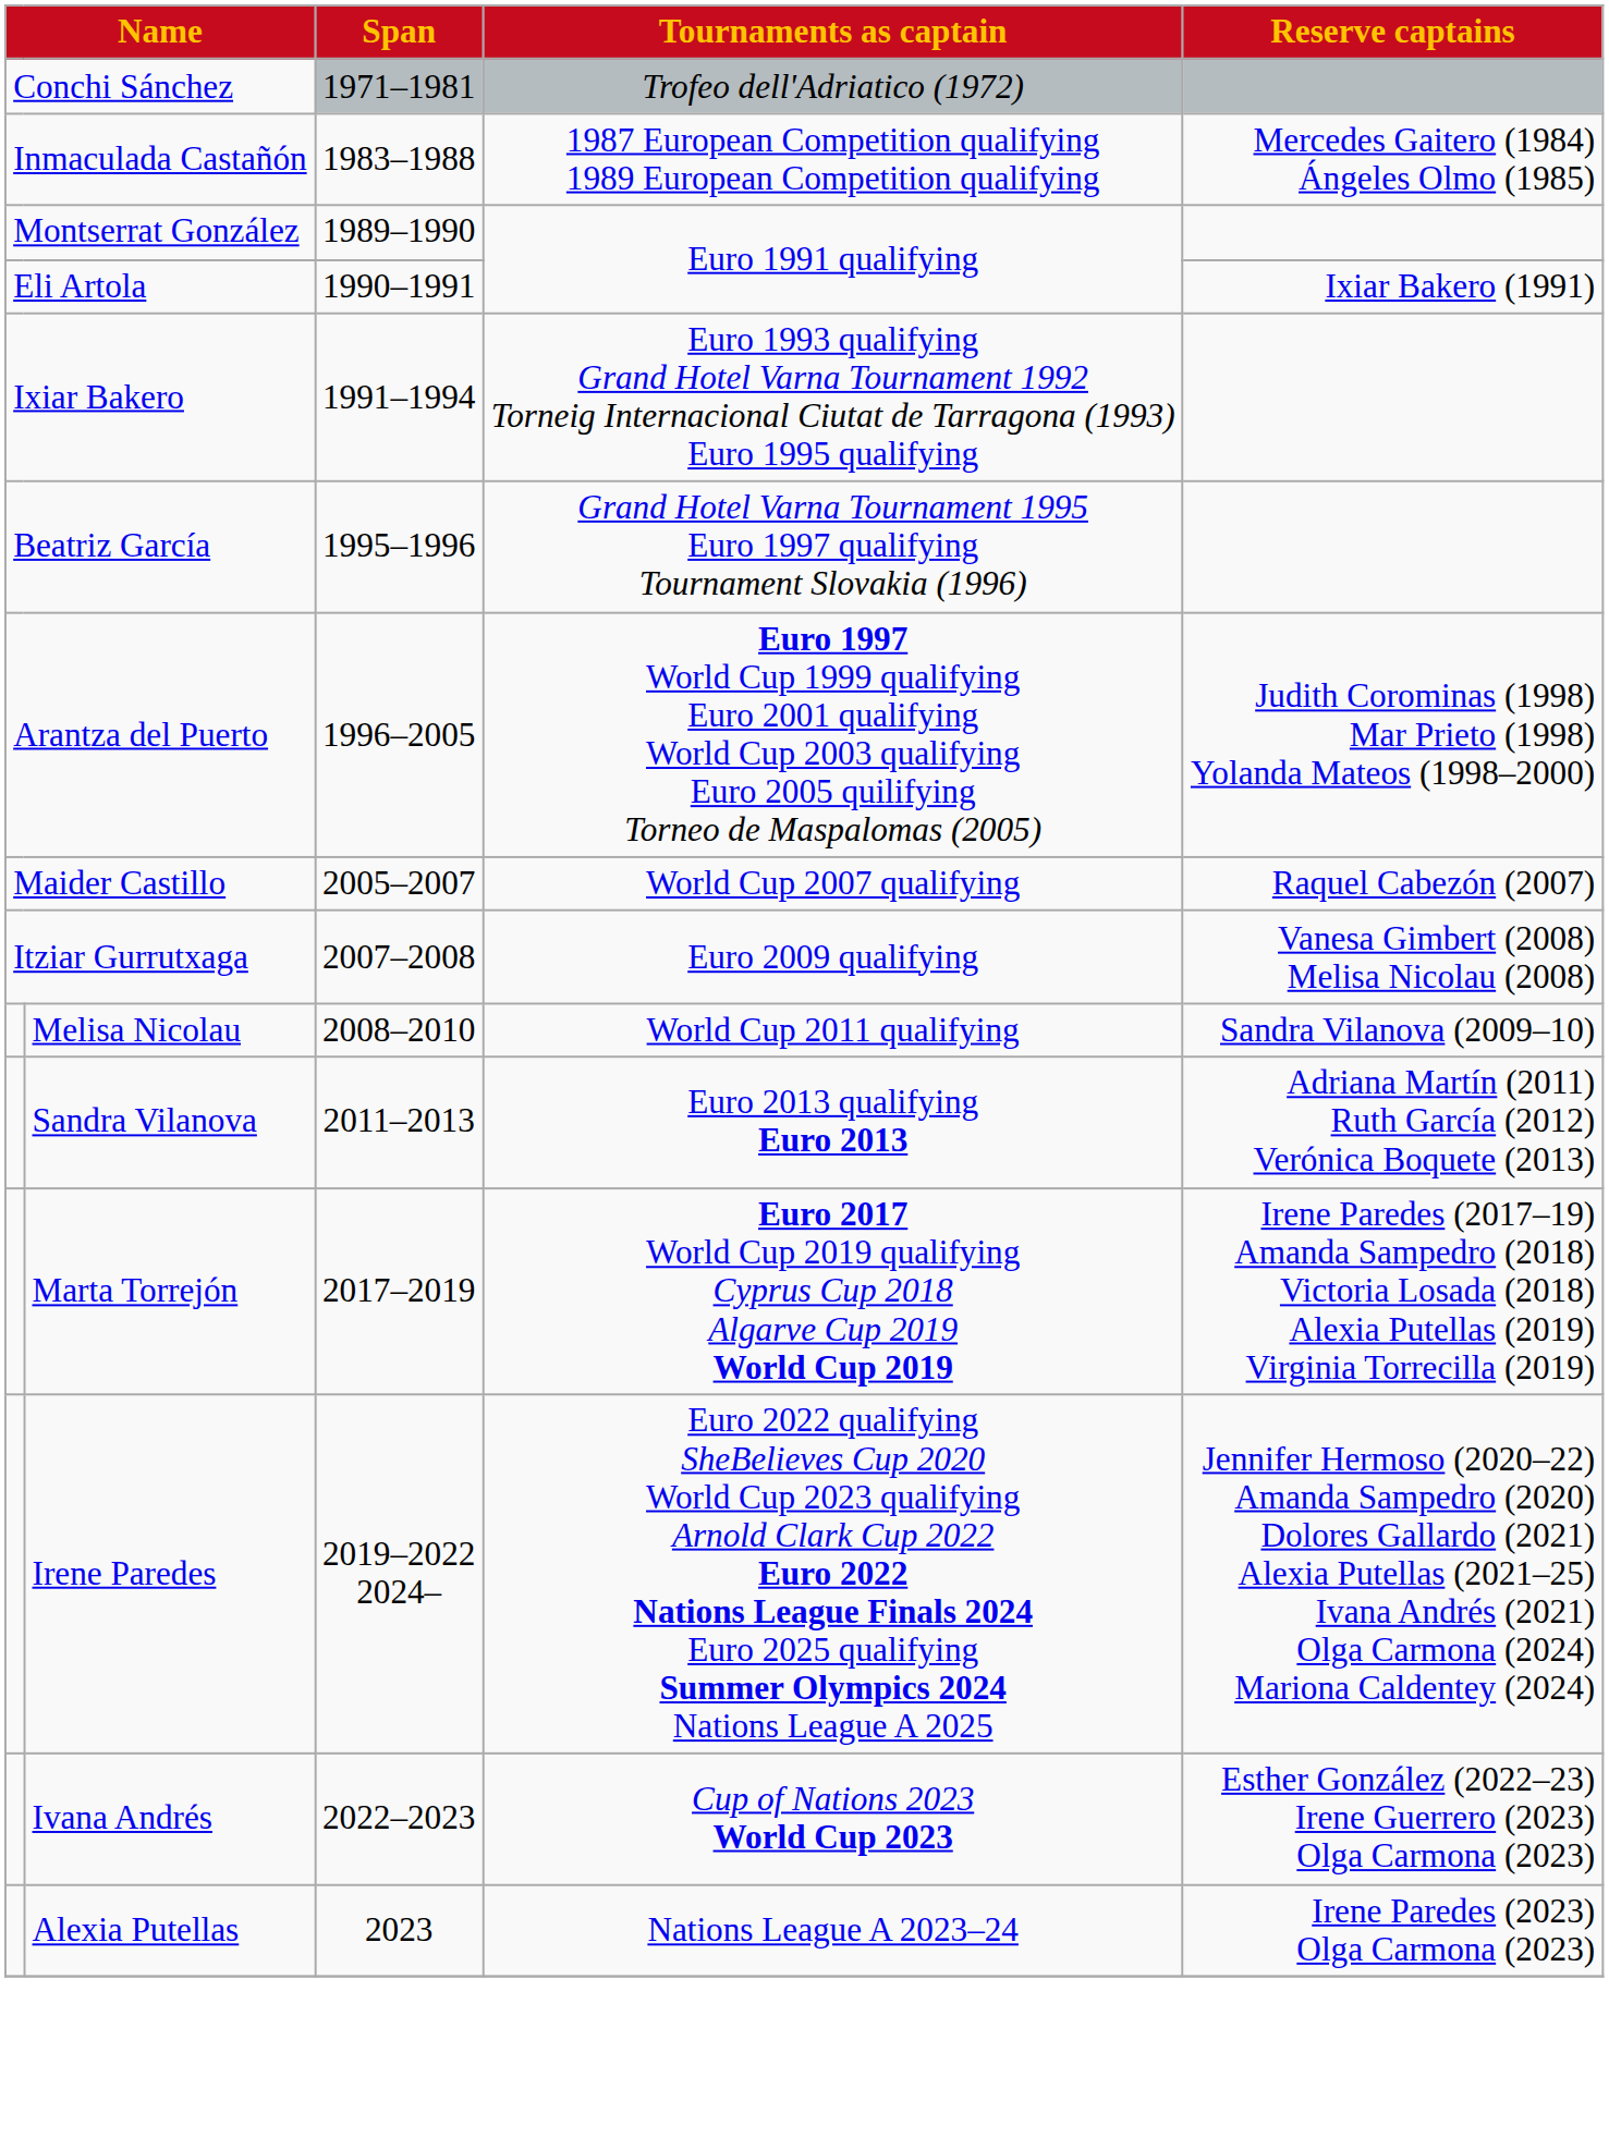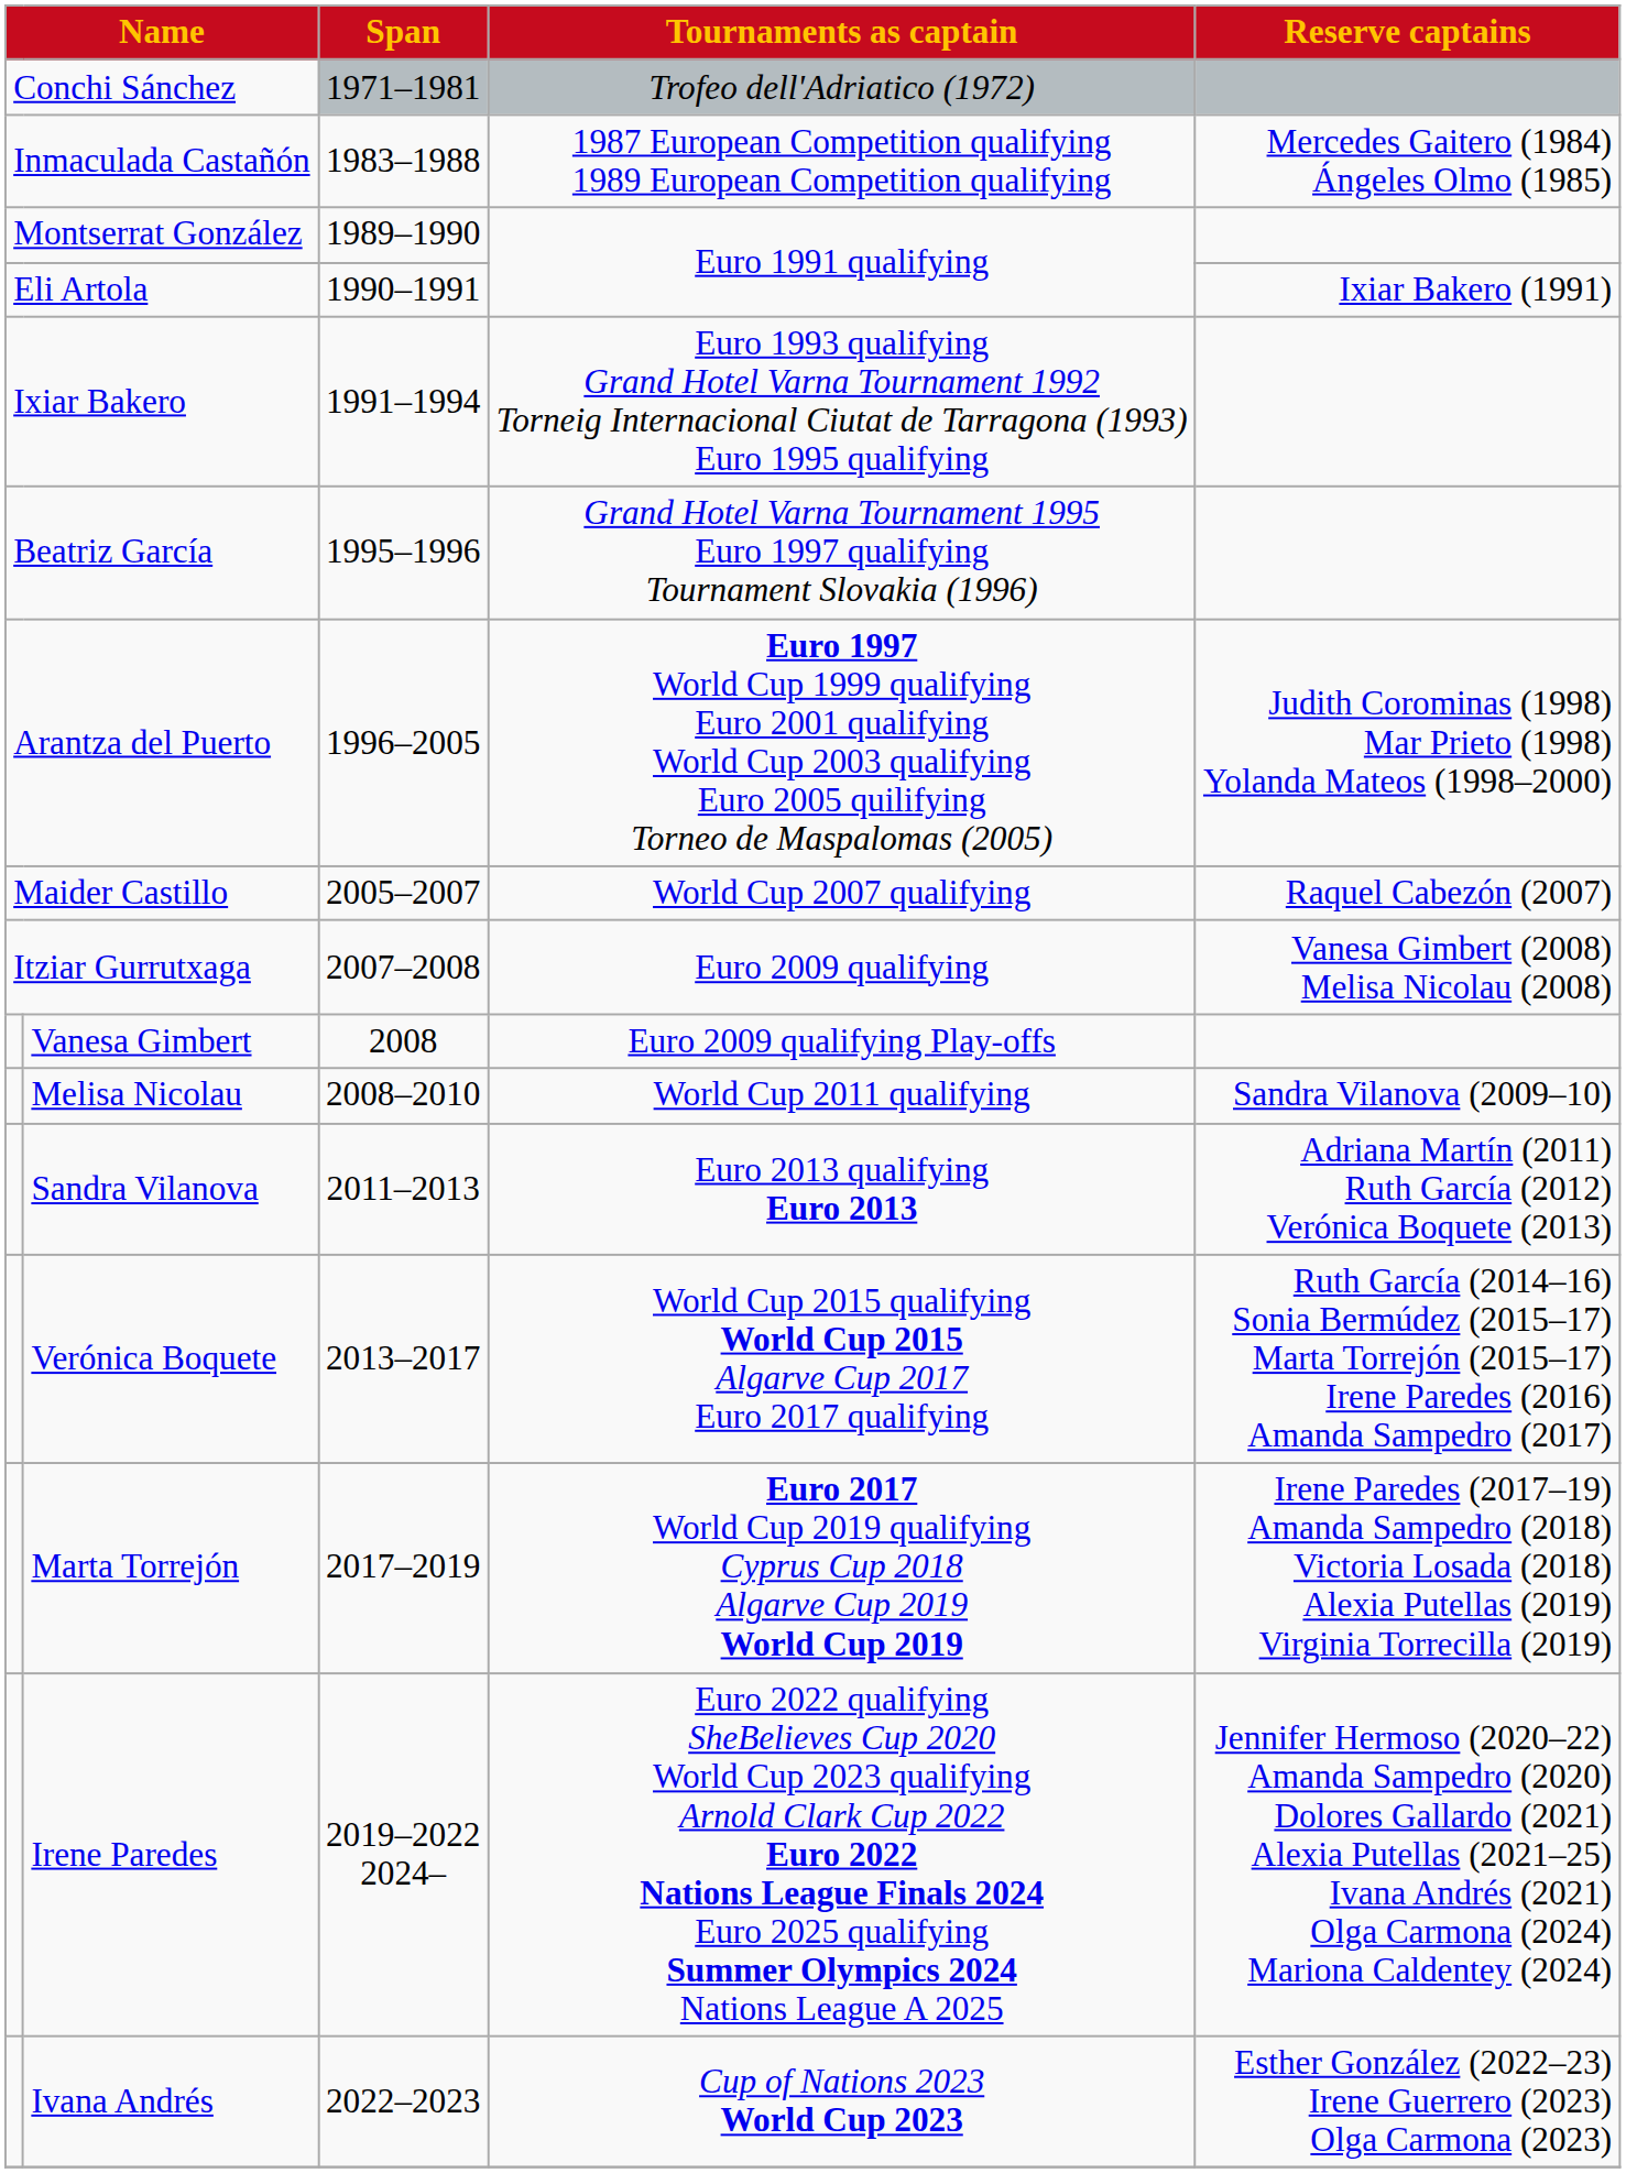 <table class="wikitable sortable" style="text-align:center;">
 <tr>
 <th colspan="2" style="background-color:#C60B1E; color:#FFC400; ">Name</th>
 <th style="background-color:#C60B1E; color:#FFC400; ">Span</th>
 <th style="background-color:#C60B1E; color:#FFC400; ">Tournaments as captain</th>
 <th style="background-color:#C60B1E; color:#FFC400; ">Reserve captains</th>
 </tr>
 <tr>
 <td colspan=2 style="text-align: left;"> <a href='#'>Conchi Sánchez</a></td>
 <td style="text-align:center;" bgcolor=#B4BCC0>1971–1981</td>
 <td style="text-align:center;" bgcolor=#B4BCC0><em>Trofeo dell'Adriatico (1972)</em></td>
 <td style="text-align:center;" bgcolor=#B4BCC0></td>
 </tr>
 <tr>
 <td colspan=2 style="text-align: left;"> <a href='#'>Inmaculada Castañón</a></td>
 <td>1983–1988</td>
 <td><a href='#'>1987 European Competition qualifying</a> <br> <a href='#'>1989 European Competition qualifying</a></td>
 <td style="text-align:right"><a href='#'>Mercedes Gaitero</a> (1984) <br> <a href='#'>Ángeles Olmo</a> (1985)</td>
 </tr>
 <tr>
 <td colspan=2 style="text-align: left;"> <a href='#'>Montserrat González</a></td>
 <td>1989–1990</td>
 <td rowspan=2><a href='#'>Euro 1991 qualifying</a></td>
 <td style="text-align:right"></td>
 </tr>
 <tr>
 <td colspan=2  style="text-align: left;"> <a href='#'>Eli Artola</a></td>
 <td>1990–1991</td>
 <td style="text-align:right"><a href='#'>Ixiar Bakero</a> (1991)</td>
 </tr>
 <tr>
 <td colspan=2 style="text-align: left;"> <a href='#'>Ixiar Bakero</a></td>
 <td>1991–1994</td>
 <td><a href='#'>Euro 1993 qualifying</a> <br> <em><a href='#'>Grand Hotel Varna Tournament 1992</a></em> <br> <em>Torneig Internacional Ciutat de Tarragona (1993)</em> <br> <a href='#'>Euro 1995 qualifying</a></td>
 <td style="text-align:right"></td>
 </tr>
 <tr>
 <td colspan=2 style="text-align: left;"> <a href='#'>Beatriz García</a></td>
 <td>1995–1996</td>
 <td><em><a href='#'>Grand Hotel Varna Tournament 1995</a></em> <br> <a href='#'>Euro 1997 qualifying</a> <br> <em>Tournament Slovakia (1996)</em></td>
 <td style="text-align:right"></td>
 </tr>
 <tr>
 <td colspan=2 style="text-align: left;"> <a href='#'>Arantza del Puerto</a></td>
 <td>1996–2005</td>
 <td> <strong><a href='#'>Euro 1997</a></strong> <br> <a href='#'>World Cup 1999 qualifying</a> <br> <a href='#'>Euro 2001 qualifying</a> <br> <a href='#'>World Cup 2003 qualifying</a> <br> <a href='#'>Euro 2005 quilifying</a> <br> <em>Torneo de Maspalomas (2005)</em></td>
 <td style="text-align:right"><a href='#'>Judith Corominas</a> (1998) <br> <a href='#'>Mar Prieto</a> (1998) <br> <a href='#'>Yolanda Mateos</a> (1998–2000)</td>
 </tr>
 <tr>
 <td colspan=2 style="text-align: left;"> <a href='#'>Maider Castillo</a></td>
 <td>2005–2007</td>
 <td><a href='#'>World Cup 2007 qualifying</a></td>
 <td style="text-align:right"><a href='#'>Raquel Cabezón</a> (2007)</td>
 </tr>
 <tr>
 <td colspan=2 style="text-align: left;"> <a href='#'>Itziar Gurrutxaga</a></td>
 <td>2007–2008</td>
 <td><a href='#'>Euro 2009 qualifying</a></td>
 <td style="text-align:right"><a href='#'>Vanesa Gimbert</a> (2008) <br> <a href='#'>Melisa Nicolau</a> (2008)</td>
 </tr>
 <tr>
 <td></td>
+<td style="text-align: left;"><a href='#'>Vanesa Gimbert</a></td>
+<td>2008</td>
+<td><a href='#'>Euro 2009 qualifying Play-offs</a></td>
+<td style="text-align:right"></td>
+</tr>
+<tr>
+<td></td>
 <td style="text-align: left;"><a href='#'>Melisa Nicolau</a></td>
 <td>2008–2010</td>
 <td><a href='#'>World Cup 2011 qualifying</a></td>
 <td style="text-align:right"><a href='#'>Sandra Vilanova</a> (2009–10)</td>
 </tr>
 <tr>
 <td></td>
 <td style="text-align: left;"><a href='#'>Sandra Vilanova</a></td>
 <td>2011–2013</td>
 <td><a href='#'>Euro 2013 qualifying</a> <br> <strong><a href='#'>Euro 2013</a></strong></td>
 <td style="text-align:right"><a href='#'>Adriana Martín</a> (2011) <br> <a href='#'>Ruth García</a> (2012) <br> <a href='#'>Verónica Boquete</a> (2013)</td>
+</tr>
+<tr>
+<td></td>
+<td style="text-align: left;"><a href='#'>Verónica Boquete</a></td>
+<td>2013–2017</td>
+<td><a href='#'>World Cup 2015 qualifying</a> <br> <strong><a href='#'>World Cup 2015</a></strong> <br> <em><a href='#'>Algarve Cup 2017</a></em> <br> <a href='#'>Euro 2017 qualifying</a></td>
+<td style="text-align:right"><a href='#'>Ruth García</a> (2014–16) <br> <a href='#'>Sonia Bermúdez</a> (2015–17) <br> <a href='#'>Marta Torrejón</a> (2015–17) <br> <a href='#'>Irene Paredes</a> (2016) <br> <a href='#'>Amanda Sampedro</a> (2017)</td>
 </tr>
 <tr>
 <td></td>
 <td style="text-align: left;"><a href='#'>Marta Torrejón</a></td>
 <td>2017–2019</td>
 <td><strong><a href='#'>Euro 2017</a></strong> <br> <a href='#'>World Cup 2019 qualifying</a> <br> <em><a href='#'>Cyprus Cup 2018</a></em> <br> <em><a href='#'>Algarve Cup 2019</a></em> <br> <strong><a href='#'>World Cup 2019</a></strong></td>
 <td style="text-align:right"><a href='#'>Irene Paredes</a> (2017–19) <br> <a href='#'>Amanda Sampedro</a> (2018) <br> <a href='#'>Victoria Losada</a> (2018) <br> <a href='#'>Alexia Putellas</a> (2019) <br> <a href='#'>Virginia Torrecilla</a> (2019)</td>
 </tr>
 <tr>
 <td></td>
 <td style="text-align: left;"><a href='#'>Irene Paredes</a></td>
 <td>2019–2022 <br> 2024–</td>
 <td><a href='#'>Euro 2022 qualifying</a> <br> <em><a href='#'>SheBelieves Cup 2020</a></em> <br> <a href='#'>World Cup 2023 qualifying</a> <br> <em><a href='#'>Arnold Clark Cup 2022</a></em> <br> <strong><a href='#'>Euro 2022</a></strong> <br>  <strong><a href='#'>Nations League Finals 2024</a></strong> <br> <a href='#'>Euro 2025 qualifying</a> <br> <strong><a href='#'>Summer Olympics 2024</a></strong> <br> <a href='#'>Nations League A 2025</a></td>
 <td style="text-align:right"><a href='#'>Jennifer Hermoso</a> (2020–22) <br> <a href='#'>Amanda Sampedro</a> (2020) <br> <a href='#'>Dolores Gallardo</a> (2021) <br> <a href='#'>Alexia Putellas</a> (2021–25) <br> <a href='#'>Ivana Andrés</a> (2021) <br> <a href='#'>Olga Carmona</a> (2024) <br> <a href='#'>Mariona Caldentey</a> (2024)</td>
 </tr>
 <tr>
 <td></td>
 <td style="text-align: left;"><a href='#'>Ivana Andrés</a></td>
 <td>2022–2023</td>
 <td><em><a href='#'>Cup of Nations 2023</a></em> <br>  <strong><a href='#'>World Cup 2023</a></strong></td>
 <td style="text-align:right"><a href='#'>Esther González</a> (2022–23) <br> <a href='#'>Irene Guerrero</a> (2023) <br> <a href='#'>Olga Carmona</a> (2023)</td>
 </tr>
 <tr>
-<td></td>
-<td style="text-align: left;"><a href='#'>Alexia Putellas</a></td>
-<td>2023</td>
-<td><a href='#'>Nations League A 2023–24</a></td>
-<td style="text-align:right"><a href='#'>Irene Paredes</a> (2023) <br> <a href='#'>Olga Carmona</a> (2023)</td>
-</tr>
-<tr>
 </tr>
 </table>
